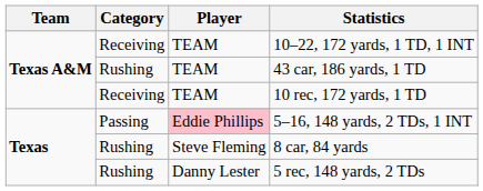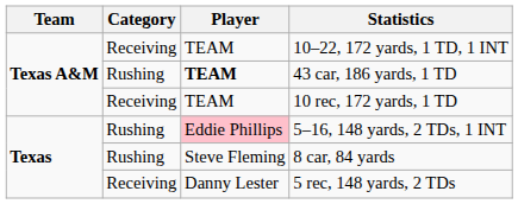 <table class="wikitable" style="float: right;">
 <tr>
 <th>Team</th>
 <th>Category</th>
 <th>Player</th>
 <th>Statistics</th>
 </tr>
 <tr>
 <td rowspan=3><strong>Texas A&M</strong></td>
 <td>Receiving</td>
 <td>TEAM</td>
 <td>10–22, 172 yards, 1 TD, 1 INT</td>
 </tr>
 <tr>
 <td>Rushing</td>
-<td>TEAM</td>
+<td><strong>TEAM</strong></td>
 <td>43 car, 186 yards, 1 TD</td>
 </tr>
 <tr>
 <td>Receiving</td>
 <td>TEAM</td>
 <td>10 rec, 172 yards, 1 TD</td>
 </tr>
 <tr>
 <td rowspan=3><strong>Texas</strong></td>
-<td>Passing</td>
+<td>Rushing</td>
 <td style="background: pink;">Eddie Phillips</td>
 <td>5–16, 148 yards, 2 TDs, 1 INT</td>
 </tr>
 <tr>
 <td>Rushing</td>
 <td>Steve Fleming</td>
 <td>8 car, 84 yards</td>
 </tr>
 <tr>
-<td>Rushing</td>
+<td>Receiving</td>
 <td>Danny Lester</td>
 <td>5 rec, 148 yards, 2 TDs</td>
 </tr>
 </table>
